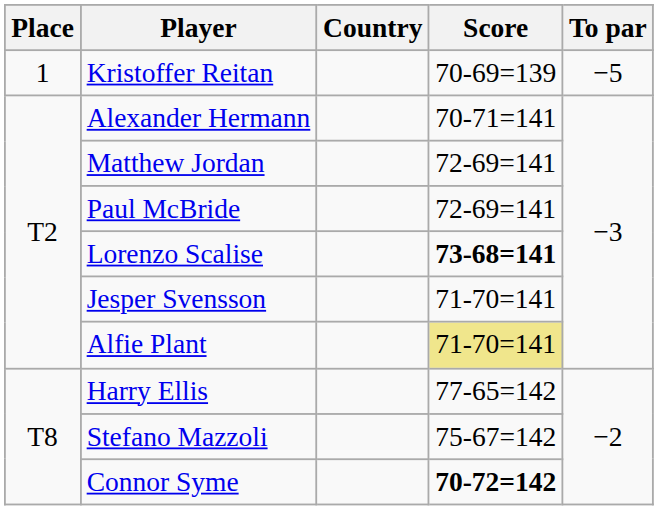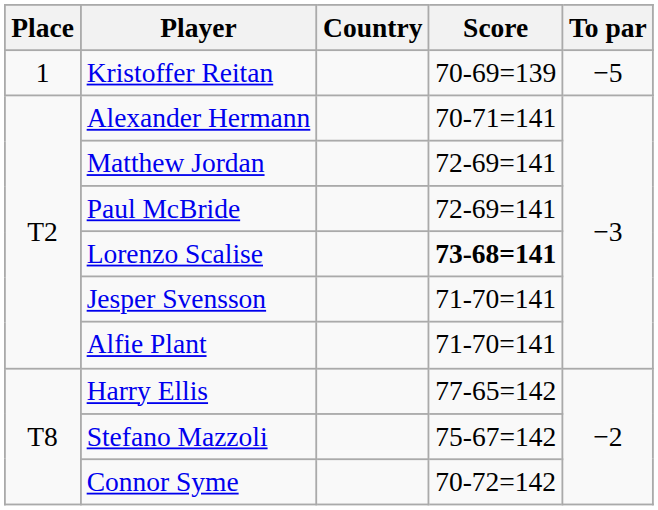 <table class="wikitable" style="font-size:95%;">
 <tr>
 <th>Place</th>
 <th>Player</th>
 <th>Country</th>
 <th>Score</th>
 <th>To par</th>
 </tr>
 <tr>
 <td align=center>1</td>
 <td><a href='#'>Kristoffer Reitan</a></td>
 <td></td>
 <td align=center>70-69=139</td>
 <td align=center>−5</td>
 </tr>
 <tr>
 <td rowspan="6" align="center">T2</td>
 <td><a href='#'>Alexander Hermann</a></td>
 <td></td>
 <td align=center>70-71=141</td>
 <td rowspan="6" align="center">−3</td>
 </tr>
 <tr>
 <td><a href='#'>Matthew Jordan</a></td>
 <td></td>
 <td>72-69=141</td>
 </tr>
 <tr>
 <td><a href='#'>Paul McBride</a></td>
 <td></td>
 <td>72-69=141</td>
 </tr>
 <tr>
 <td><a href='#'>Lorenzo Scalise</a></td>
 <td></td>
 <td><strong>73-68=141</strong></td>
 </tr>
 <tr>
 <td><a href='#'>Jesper Svensson</a></td>
 <td></td>
 <td>71-70=141</td>
 </tr>
 <tr>
 <td><a href='#'>Alfie Plant</a></td>
 <td></td>
-<td style="background: khaki;">71-70=141</td>
+<td>71-70=141</td>
 </tr>
 <tr>
 <td rowspan="3" align="center">T8</td>
 <td><a href='#'>Harry Ellis</a></td>
 <td></td>
 <td align="center">77-65=142</td>
 <td rowspan="3" align="center">−2</td>
 </tr>
 <tr>
 <td><a href='#'>Stefano Mazzoli</a></td>
 <td></td>
 <td align="center">75-67=142</td>
 </tr>
 <tr>
 <td><a href='#'>Connor Syme</a></td>
 <td></td>
-<td><strong>70-72=142</strong></td>
+<td>70-72=142</td>
 </tr>
 </table>
